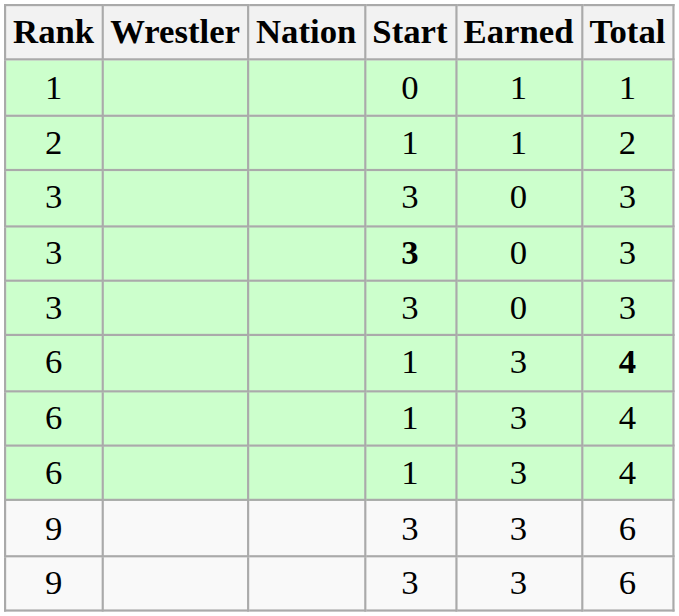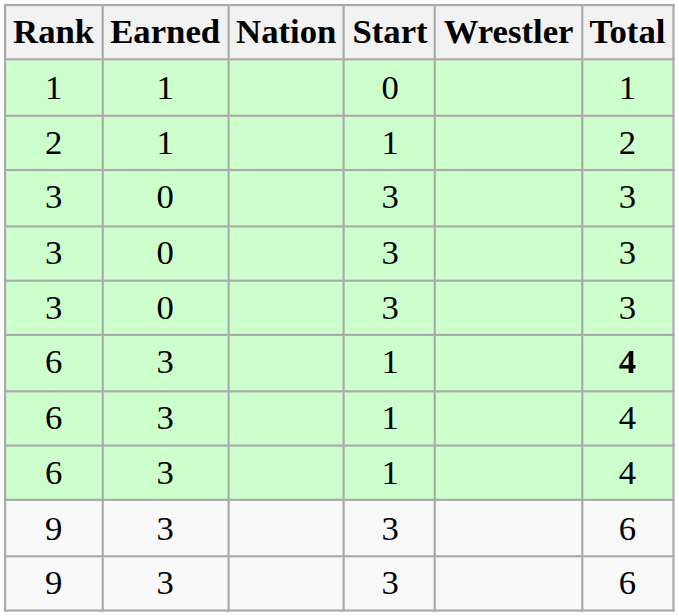 <table class="wikitable sortable" style="text-align:center;">
 <tr>
 <th>Rank</th>
-<th>Wrestler</th>
+<th>Earned</th>
 <th>Nation</th>
 <th>Start</th>
-<th>Earned</th>
+<th>Wrestler</th>
 <th>Total</th>
 </tr>
 <tr style="background:#cfc;">
 <td>1</td>
-<td align=left></td>
+<td>1</td>
 <td align=left></td>
 <td>0</td>
-<td>1</td>
+<td align=left></td>
 <td>1</td>
 </tr>
 <tr style="background:#cfc;">
 <td>2</td>
-<td align=left></td>
+<td>1</td>
 <td align=left></td>
 <td>1</td>
-<td>1</td>
+<td align=left></td>
 <td>2</td>
 </tr>
 <tr style="background:#cfc;">
 <td>3</td>
-<td align=left></td>
+<td>0</td>
 <td align=left></td>
 <td>3</td>
-<td>0</td>
+<td align=left></td>
 <td>3</td>
 </tr>
 <tr style="background:#cfc;">
 <td>3</td>
+<td>0</td>
 <td align=left></td>
+<td>3</td>
 <td align=left></td>
-<td><strong>3</strong></td>
-<td>0</td>
 <td>3</td>
 </tr>
 <tr style="background:#cfc;">
 <td>3</td>
-<td align=left></td>
+<td>0</td>
 <td align=left></td>
 <td>3</td>
-<td>0</td>
+<td align=left></td>
 <td>3</td>
 </tr>
 <tr style="background:#cfc;">
 <td>6</td>
-<td align=left></td>
+<td>3</td>
 <td align=left></td>
 <td>1</td>
-<td>3</td>
+<td align=left></td>
 <td><strong>4</strong></td>
 </tr>
 <tr style="background:#cfc;">
 <td>6</td>
-<td align=left></td>
+<td>3</td>
 <td align=left></td>
 <td>1</td>
-<td>3</td>
+<td align=left></td>
 <td>4</td>
 </tr>
 <tr style="background:#cfc;">
 <td>6</td>
-<td align=left></td>
+<td>3</td>
 <td align=left></td>
 <td>1</td>
-<td>3</td>
+<td align=left></td>
 <td>4</td>
 </tr>
 <tr>
 <td>9</td>
-<td align=left></td>
+<td>3</td>
 <td align=left></td>
 <td>3</td>
-<td>3</td>
+<td align=left></td>
 <td>6</td>
 </tr>
 <tr>
 <td>9</td>
-<td align=left></td>
+<td>3</td>
 <td align=left></td>
 <td>3</td>
-<td>3</td>
+<td align=left></td>
 <td>6</td>
 </tr>
 </table>
